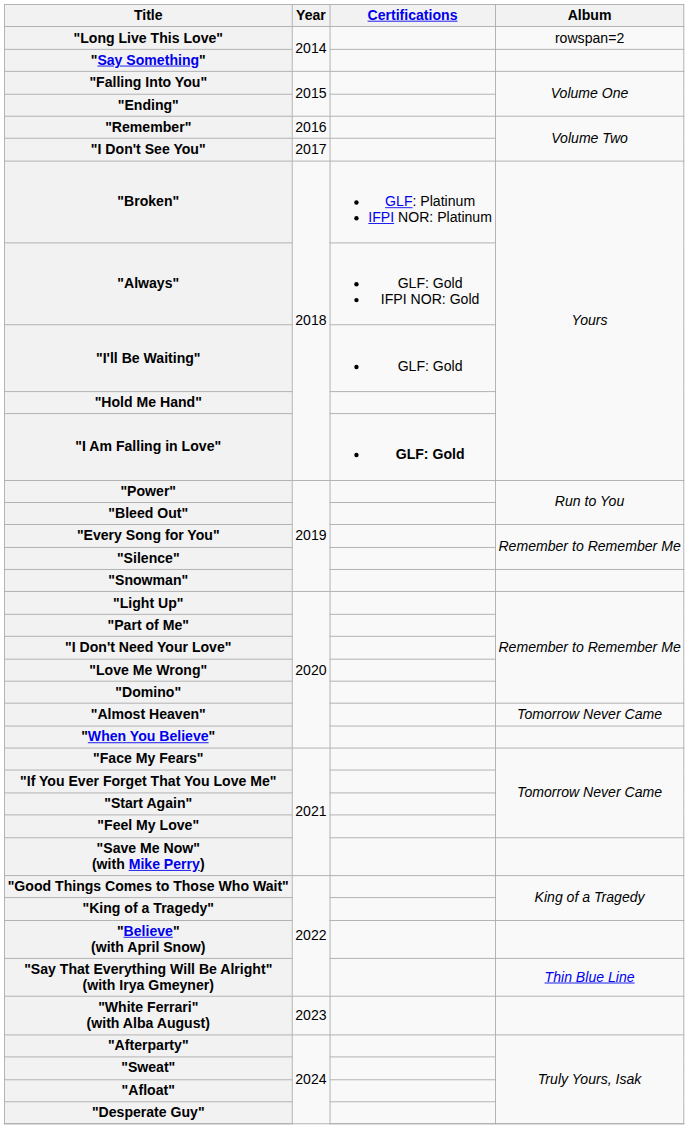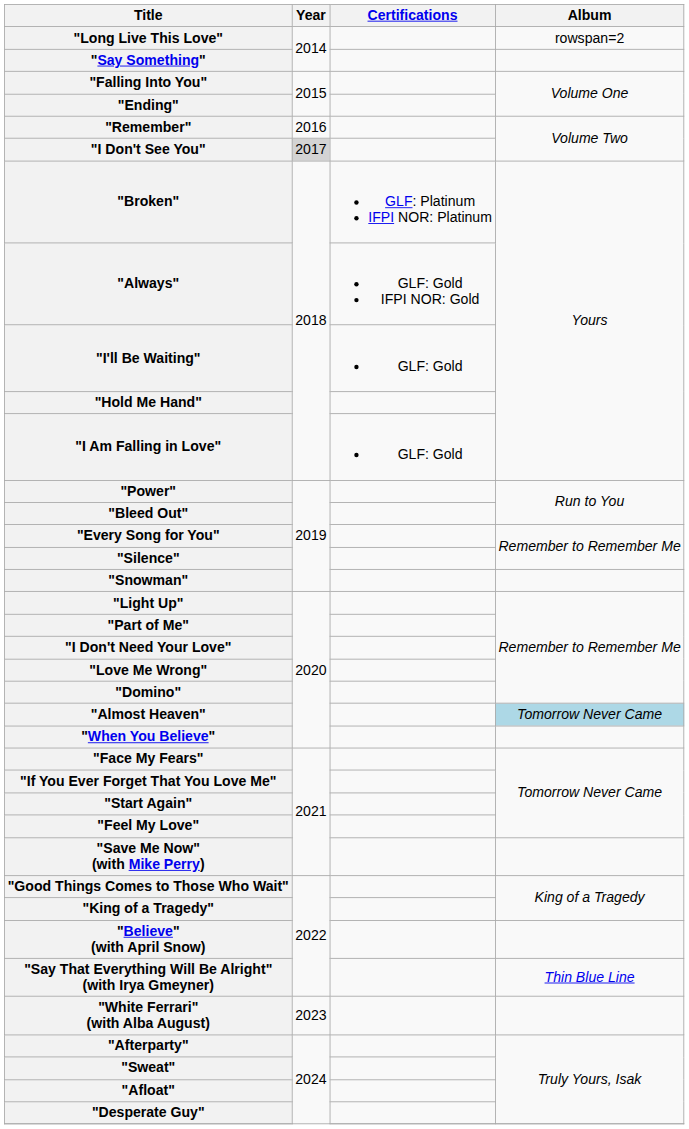 <table class="wikitable plainrowheaders" style="text-align:center;">
 <tr>
 <th scope="col" rowspan="1">Title</th>
 <th scope="col" rowspan="1" style="width:1em;">Year</th>
 <th scope="col" rowspan="1"><a href='#'>Certifications</a></th>
 <th scope="col" rowspan="1">Album</th>
 </tr>
 <tr>
 <th scope="row">"Long Live This Love"</th>
 <td rowspan="2">2014</td>
 <td></td>
 <td>rowspan=2 </td>
 </tr>
 <tr>
 <th scope="row">"<a href='#'>Say Something</a>"</th>
 <td></td>
 </tr>
 <tr>
 <th scope="row">"Falling Into You"</th>
 <td rowspan="2">2015</td>
 <td></td>
 <td rowspan="2"><em>Volume One</em></td>
 </tr>
 <tr>
 <th scope="row">"Ending"</th>
 <td></td>
 </tr>
 <tr>
 <th scope="row">"Remember"</th>
 <td rowspan="1">2016</td>
 <td></td>
 <td rowspan="2"><em>Volume Two</em></td>
 </tr>
 <tr>
 <th scope="row">"I Don't See You"</th>
-<td rowspan="1">2017</td>
+<td rowspan="1" style="background: lightgrey;">2017</td>
 <td></td>
 </tr>
 <tr>
 <th scope="row">"Broken"</th>
 <td rowspan="5">2018</td>
 <td><br><ul><li><a href='#'>GLF</a>: Platinum</li><li><a href='#'>IFPI</a> NOR: Platinum</li></ul></td>
 <td rowspan="5"><em>Yours</em></td>
 </tr>
 <tr>
 <th scope="row">"Always"</th>
 <td><br><ul><li>GLF: Gold</li><li>IFPI NOR: Gold</li></ul></td>
 </tr>
 <tr>
 <th scope="row">"I'll Be Waiting"</th>
 <td><br><ul><li>GLF: Gold</li></ul></td>
 </tr>
 <tr>
 <th scope="row">"Hold Me Hand"</th>
 <td></td>
 </tr>
 <tr>
 <th scope="row">"I Am Falling in Love"</th>
-<td><strong><br><ul><li>GLF: Gold</li></ul></strong></td>
+<td><br><ul><li>GLF: Gold</li></ul></td>
 </tr>
 <tr>
 <th scope="row">"Power"</th>
 <td rowspan="5">2019</td>
 <td></td>
 <td rowspan="2"><em>Run to You</em></td>
 </tr>
 <tr>
 <th scope="row">"Bleed Out"</th>
 <td></td>
 </tr>
 <tr>
 <th scope="row">"Every Song for You" <br> </th>
 <td></td>
 <td rowspan="2"><em>Remember to Remember Me</em></td>
 </tr>
 <tr>
 <th scope="row">"Silence" </th>
 <td></td>
 </tr>
 <tr>
 <th scope="row">"Snowman" </th>
 <td></td>
 <td></td>
 </tr>
 <tr>
 <th scope="row">"Light Up"</th>
 <td rowspan="7">2020</td>
 <td></td>
 <td rowspan="5"><em>Remember to Remember Me</em></td>
 </tr>
 <tr>
 <th scope="row">"Part of Me"</th>
 <td></td>
 </tr>
 <tr>
 <th scope="row">"I Don't Need Your Love"</th>
 <td></td>
 </tr>
 <tr>
 <th scope="row">"Love Me Wrong"</th>
 <td></td>
 </tr>
 <tr>
 <th scope="row">"Domino"</th>
 <td></td>
 </tr>
 <tr>
 <th scope="row">"Almost Heaven"</th>
 <td></td>
-<td><em>Tomorrow Never Came</em></td>
+<td style="background: lightblue;"><em>Tomorrow Never Came</em></td>
 </tr>
 <tr>
 <th scope="row">"<a href='#'>When You Believe</a>"</th>
 <td></td>
 <td></td>
 </tr>
 <tr>
 <th scope="row">"Face My Fears"</th>
 <td rowspan="5">2021</td>
 <td></td>
 <td rowspan="4"><em>Tomorrow Never Came</em></td>
 </tr>
 <tr>
 <th scope="row">"If You Ever Forget That You Love Me"</th>
 <td></td>
 </tr>
 <tr>
 <th scope="row">"Start Again"</th>
 <td></td>
 </tr>
 <tr>
 <th scope="row">"Feel My Love"</th>
 <td></td>
 </tr>
 <tr>
 <th scope="row">"Save Me Now" <br>(with <a href='#'>Mike Perry</a>)</th>
 <td></td>
 <td></td>
 </tr>
 <tr>
 <th scope="row">"Good Things Comes to Those Who Wait"</th>
 <td rowspan="4">2022</td>
 <td></td>
 <td rowspan="2"><em>King of a Tragedy</em></td>
 </tr>
 <tr>
 <th scope="row">"King of a Tragedy"</th>
 <td></td>
 </tr>
 <tr>
 <th scope="row">"<a href='#'>Believe</a>" <br>(with April Snow)</th>
 <td></td>
 <td></td>
 </tr>
 <tr>
 <th scope="row">"Say That Everything Will Be Alright" <br>(with Irya Gmeyner)</th>
 <td></td>
 <td><em><a href='#'>Thin Blue Line</a></em></td>
 </tr>
 <tr>
 <th scope="row">"White Ferrari" <br>(with Alba August)</th>
 <td>2023</td>
 <td></td>
 <td></td>
 </tr>
 <tr>
 <th scope="row">"Afterparty"</th>
 <td rowspan="5">2024</td>
 <td></td>
 <td rowspan="4"><em>Truly Yours, Isak</em></td>
 </tr>
 <tr>
 <th scope="row">"Sweat"</th>
 <td></td>
 </tr>
 <tr>
 <th scope="row">"Afloat"</th>
 <td></td>
 </tr>
 <tr>
 <th scope="row">"Desperate Guy"</th>
 <td></td>
 </tr>
 <tr>
 </tr>
 </table>
